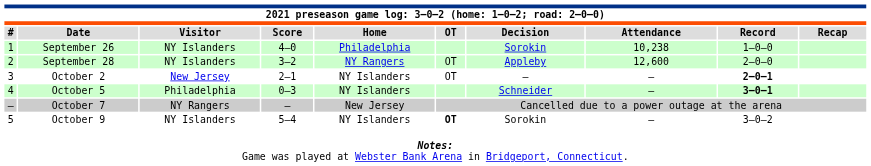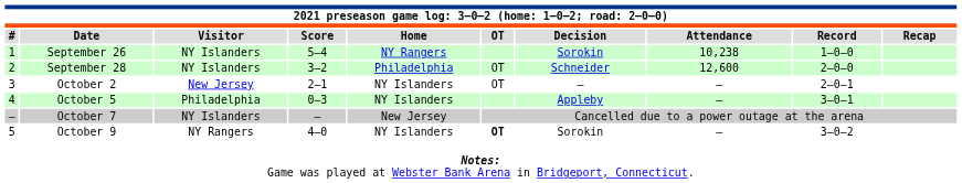 <table class="toccolours collapsible collapsed" style="width:90%; clear:both; margin:1.5em auto; text-align:center;">
 <tr>
 <th colspan="10" style="background:#FFFFFF; border-top:#003087 5px solid; border-bottom:#FC4C02 5px solid;">2021 preseason game log: 3–0–2 (home: 1–0–2; road: 2–0–0)</th>
 </tr>
 <tr style="background:#ddd;">
 <th>#</th>
 <th>Date</th>
 <th>Visitor</th>
 <th>Score</th>
 <th>Home</th>
 <th>OT</th>
 <th>Decision</th>
 <th>Attendance</th>
 <th>Record</th>
 <th>Recap</th>
 </tr>
 <tr style="background:#cfc;">
 <td>1</td>
 <td>September 26</td>
 <td>NY Islanders</td>
-<td>4–0</td>
-<td><a href='#'>Philadelphia</a></td>
+<td>5–4</td>
+<td><a href='#'>NY Rangers</a></td>
 <td></td>
 <td><a href='#'>Sorokin</a></td>
 <td>10,238</td>
 <td>1–0–0</td>
 <td></td>
 </tr>
 <tr style="background:#cfc;">
 <td>2</td>
 <td>September 28</td>
 <td>NY Islanders</td>
 <td>3–2</td>
-<td><a href='#'>NY Rangers</a></td>
+<td><a href='#'>Philadelphia</a></td>
 <td>OT</td>
-<td><a href='#'>Appleby</a></td>
+<td><a href='#'>Schneider</a></td>
 <td>12,600</td>
 <td>2–0–0</td>
 <td></td>
 </tr>
 <tr style="background:#fff;">
 <td>3</td>
 <td>October 2</td>
 <td><a href='#'>New Jersey</a></td>
 <td>2–1</td>
 <td>NY Islanders</td>
 <td>OT</td>
 <td>—</td>
 <td>—</td>
-<td><strong>2–0–1</strong></td>
+<td>2–0–1</td>
 <td></td>
 </tr>
 <tr style="background:#cfc;">
 <td>4</td>
 <td>October 5</td>
 <td>Philadelphia</td>
 <td>0–3</td>
 <td>NY Islanders</td>
 <td></td>
-<td><a href='#'>Schneider</a></td>
+<td><a href='#'>Appleby</a></td>
 <td>—</td>
-<td><strong>3–0–1</strong></td>
+<td>3–0–1</td>
 <td></td>
 </tr>
 <tr style="background:#ccc;">
 <td>—</td>
 <td>October 7</td>
-<td>NY Rangers</td>
+<td>NY Islanders</td>
 <td>–</td>
 <td>New Jersey</td>
 <td colspan="5">Cancelled due to a power outage at the arena</td>
 </tr>
 <tr style="background:#fff;">
 <td>5</td>
 <td>October 9</td>
-<td>NY Islanders</td>
-<td>5–4</td>
+<td>NY Rangers</td>
+<td>4–0</td>
 <td>NY Islanders</td>
 <td><strong>OT</strong></td>
 <td>Sorokin</td>
 <td>—</td>
 <td>3–0–2</td>
 <td></td>
 </tr>
 <tr>
 <td colspan="10" style="text-align:center;"><br><strong><em>Notes:</em></strong><br>  Game was played at <a href='#'>Webster Bank Arena</a> in <a href='#'>Bridgeport, Connecticut</a>.</td>
 </tr>
 </table>
